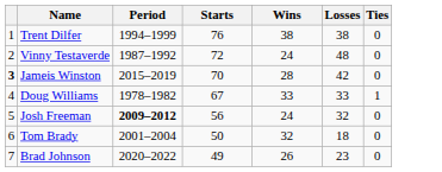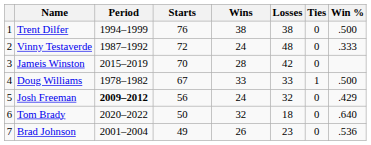 <table class="wikitable sortable" style="text-align:center;">
 <tr>
 <th></th>
 <th>Name</th>
 <th style="width: 5em;">Period</th>
 <th style="width: 5em;">Starts</th>
 <th style="width: 5em;">Wins</th>
 <th>Losses</th>
 <th>Ties</th>
+<th>Win %</th>
 </tr>
 <tr>
 <td style="text-align:right;">1</td>
 <td style="text-align:left;"><a href='#'>Trent Dilfer</a></td>
 <td>1994–1999</td>
 <td>76</td>
 <td>38</td>
 <td>38</td>
 <td>0</td>
+<td>.500</td>
 </tr>
 <tr>
 <td style="text-align:right;">2</td>
 <td style="text-align:left;"><a href='#'>Vinny Testaverde</a></td>
 <td>1987–1992</td>
 <td>72</td>
 <td>24</td>
 <td>48</td>
 <td>0</td>
+<td>.333</td>
 </tr>
 <tr>
-<td style="text-align:right;"><strong>3</strong></td>
+<td style="text-align:right;">3</td>
 <td style="text-align:left;"><a href='#'>Jameis Winston</a></td>
 <td>2015–2019</td>
 <td>70</td>
 <td>28</td>
 <td>42</td>
 <td>0</td>
+<td></td>
 </tr>
 <tr>
 <td style="text-align:right;">4</td>
 <td style="text-align:left;"><a href='#'>Doug Williams</a></td>
 <td>1978–1982</td>
 <td>67</td>
 <td>33</td>
 <td>33</td>
 <td>1</td>
+<td>.500</td>
 </tr>
 <tr>
 <td style="text-align:right;">5</td>
 <td style="text-align:left;"><a href='#'>Josh Freeman</a></td>
 <td><strong>2009–2012</strong></td>
 <td>56</td>
 <td>24</td>
 <td>32</td>
 <td>0</td>
+<td>.429</td>
 </tr>
 <tr>
 <td style="text-align:right;">6</td>
 <td style="text-align:left;"><a href='#'>Tom Brady</a></td>
-<td>2001–2004</td>
+<td>2020–2022</td>
 <td>50</td>
 <td>32</td>
 <td>18</td>
 <td>0</td>
+<td>.640</td>
 </tr>
 <tr>
 <td style="text-align:right;">7</td>
 <td style="text-align:left;"><a href='#'>Brad Johnson</a></td>
-<td>2020–2022</td>
+<td>2001–2004</td>
 <td>49</td>
 <td>26</td>
 <td>23</td>
 <td>0</td>
+<td>.536</td>
 </tr>
 </table>
